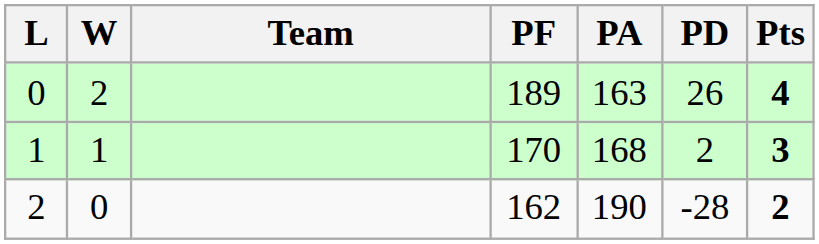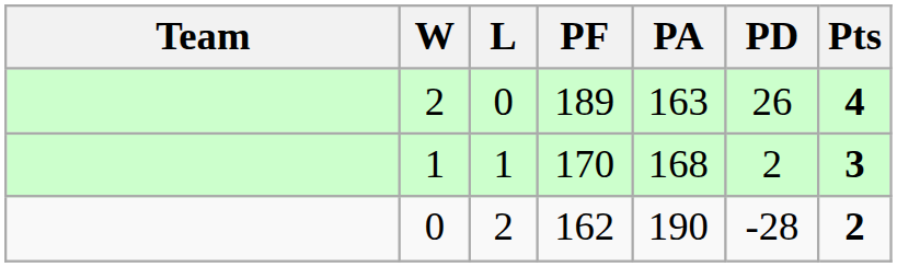 <table class="wikitable" style="text-align:center;">
 <tr>
+<th width=150>Team</th>
+<th width=20>W</th>
 <th width=20>L</th>
-<th width=20>W</th>
-<th width=150>Team</th>
 <th width=30>PF</th>
 <th width=30>PA</th>
 <th width=30>PD</th>
 <th width=20>Pts</th>
 </tr>
 <tr bgcolor="#ccffcc">
+<td align="left"></td>
+<td>2</td>
 <td>0</td>
-<td>2</td>
-<td align="left"></td>
 <td>189</td>
 <td>163</td>
 <td>26</td>
 <td><strong>4</strong></td>
 </tr>
 <tr bgcolor="#ccffcc">
+<td align="left"></td>
 <td>1</td>
 <td>1</td>
-<td align="left"></td>
 <td>170</td>
 <td>168</td>
 <td>2</td>
 <td><strong>3</strong></td>
 </tr>
 <tr>
+<td align="left"></td>
+<td>0</td>
 <td>2</td>
-<td>0</td>
-<td align="left"></td>
 <td>162</td>
 <td>190</td>
 <td>-28</td>
 <td><strong>2</strong></td>
 </tr>
 </table>
